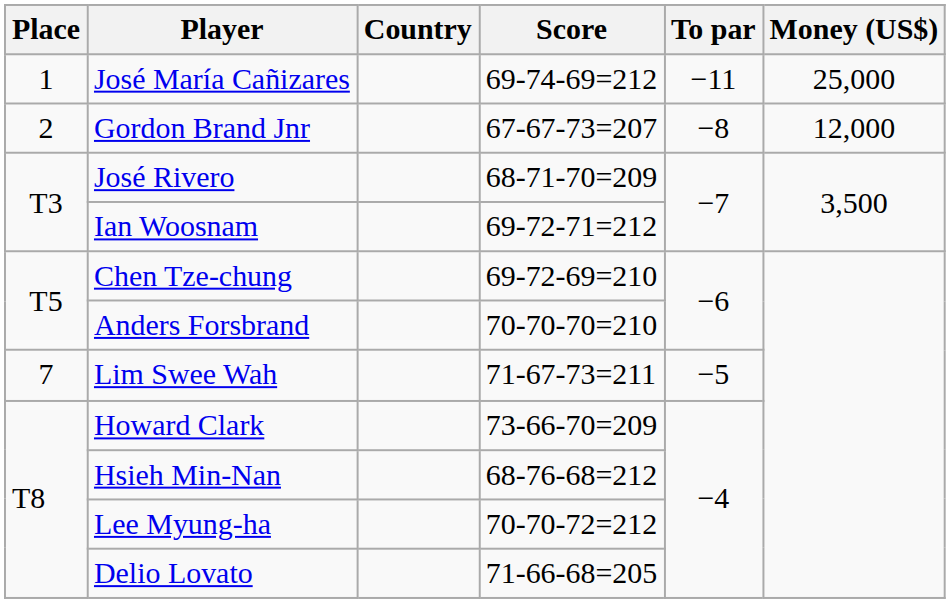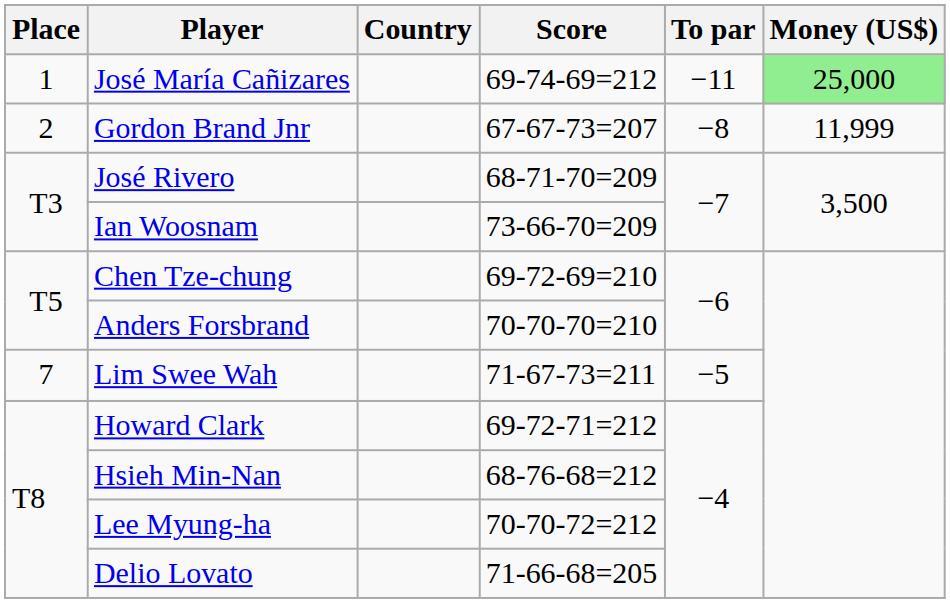 <table class="wikitable" style="font-size:95%;">
 <tr>
 <th>Place</th>
 <th>Player</th>
 <th>Country</th>
 <th>Score</th>
 <th>To par</th>
 <th>Money (US$)</th>
 </tr>
 <tr>
 <td align=center>1</td>
 <td><a href='#'>José María Cañizares</a></td>
 <td></td>
 <td>69-74-69=212</td>
 <td align=center>−11</td>
-<td align=center>25,000</td>
+<td align=center style="background: lightgreen;">25,000</td>
 </tr>
 <tr>
 <td align=center>2</td>
 <td><a href='#'>Gordon Brand Jnr</a></td>
 <td></td>
 <td>67-67-73=207</td>
 <td align=center>−8</td>
-<td align=center>12,000</td>
+<td align=center>11,999</td>
 </tr>
 <tr>
 <td rowspan=2 align=center>T3</td>
 <td><a href='#'>José Rivero</a></td>
 <td></td>
 <td>68-71-70=209</td>
 <td rowspan=2 align=center>−7</td>
 <td rowspan=2 align=center>3,500</td>
 </tr>
 <tr>
 <td><a href='#'>Ian Woosnam</a></td>
 <td></td>
-<td>69-72-71=212</td>
+<td>73-66-70=209</td>
 </tr>
 <tr>
 <td rowspan=2 align=center>T5</td>
 <td><a href='#'>Chen Tze-chung</a></td>
 <td></td>
 <td>69-72-69=210</td>
 <td rowspan=2 align=center>−6</td>
 <td rowspan=7></td>
 </tr>
 <tr>
 <td><a href='#'>Anders Forsbrand</a></td>
 <td></td>
 <td>70-70-70=210</td>
 </tr>
 <tr>
 <td align=center>7</td>
 <td><a href='#'>Lim Swee Wah</a></td>
 <td></td>
 <td>71-67-73=211</td>
 <td align=center>−5</td>
 </tr>
 <tr>
 <td rowspan=4 align="enter">T8</td>
 <td><a href='#'>Howard Clark</a></td>
 <td></td>
-<td>73-66-70=209</td>
+<td>69-72-71=212</td>
 <td rowspan=4 align=center>−4</td>
 </tr>
 <tr>
 <td><a href='#'>Hsieh Min-Nan</a></td>
 <td></td>
 <td>68-76-68=212</td>
 </tr>
 <tr>
 <td><a href='#'>Lee Myung-ha</a></td>
 <td></td>
 <td>70-70-72=212</td>
 </tr>
 <tr>
 <td><a href='#'>Delio Lovato</a></td>
 <td></td>
 <td>71-66-68=205</td>
 </tr>
 </table>
